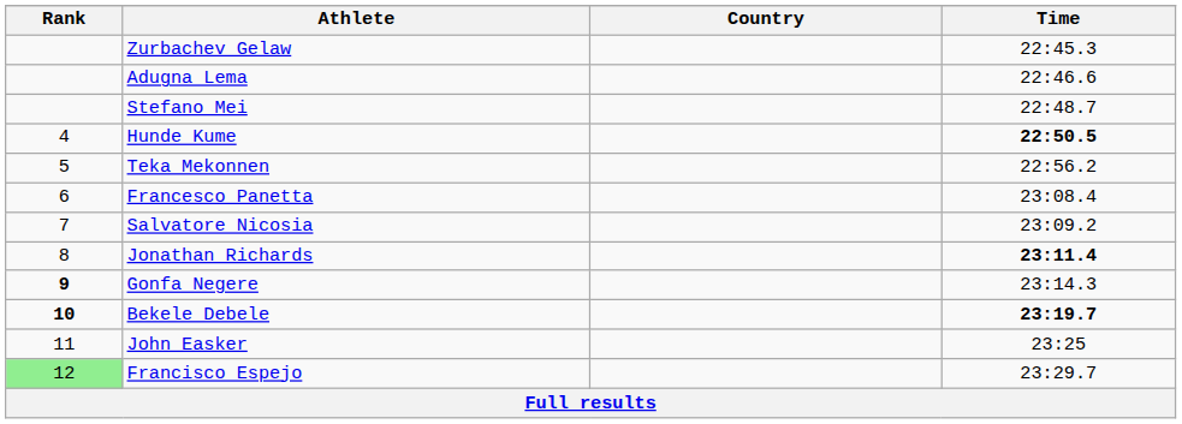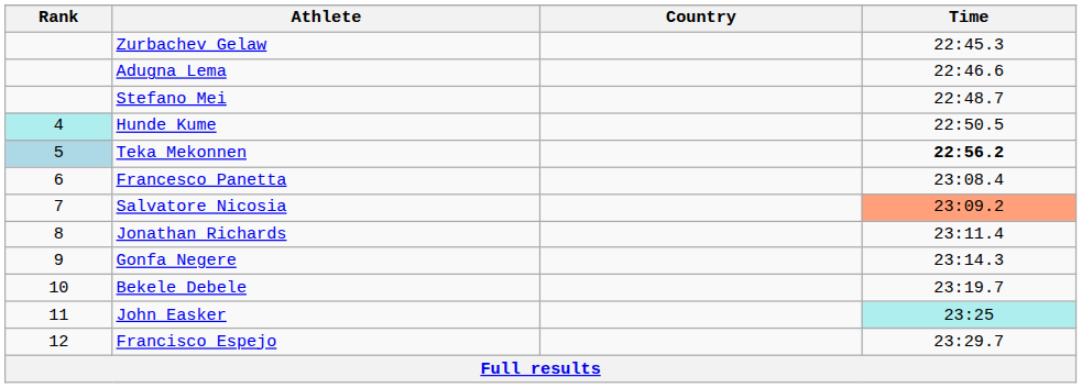 <table class="wikitable sortable" style=" text-align:center; font-size:95%;" width="50%">
 <tr>
 </tr>
 <tr>
 <th width=5%>Rank</th>
 <th width=20%>Athlete</th>
 <th width=15%>Country</th>
 <th width=10%>Time</th>
 </tr>
 <tr>
 <td align=center></td>
 <td align=left><a href='#'>Zurbachev Gelaw</a></td>
 <td align=left></td>
 <td>22:45.3</td>
 </tr>
 <tr>
 <td align=center></td>
 <td align=left><a href='#'>Adugna Lema</a></td>
 <td align=left></td>
 <td>22:46.6</td>
 </tr>
 <tr>
 <td align=center></td>
 <td align=left><a href='#'>Stefano Mei</a></td>
 <td align=left></td>
 <td>22:48.7</td>
 </tr>
 <tr>
-<td align=center>4</td>
+<td align=center style="background: paleturquoise;">4</td>
 <td align=left><a href='#'>Hunde Kume</a></td>
 <td align=left></td>
-<td><strong>22:50.5</strong></td>
+<td>22:50.5</td>
 </tr>
 <tr>
-<td align=center>5</td>
+<td align=center style="background: lightblue;">5</td>
 <td align=left><a href='#'>Teka Mekonnen</a></td>
 <td align=left></td>
-<td>22:56.2</td>
+<td><strong>22:56.2</strong></td>
 </tr>
 <tr>
 <td align=center>6</td>
 <td align=left><a href='#'>Francesco Panetta</a></td>
 <td align=left></td>
 <td>23:08.4</td>
 </tr>
 <tr>
 <td align=center>7</td>
 <td align=left><a href='#'>Salvatore Nicosia</a></td>
 <td align=left></td>
-<td>23:09.2</td>
+<td style="background: lightsalmon;">23:09.2</td>
 </tr>
 <tr>
 <td align=center>8</td>
 <td align=left><a href='#'>Jonathan Richards</a></td>
 <td align=left></td>
-<td><strong>23:11.4</strong></td>
+<td>23:11.4</td>
 </tr>
 <tr>
-<td align=center><strong>9</strong></td>
+<td align=center>9</td>
 <td align=left><a href='#'>Gonfa Negere</a></td>
 <td align=left></td>
 <td>23:14.3</td>
 </tr>
 <tr>
-<td align=center><strong>10</strong></td>
+<td align=center>10</td>
 <td align=left><a href='#'>Bekele Debele</a></td>
 <td align=left></td>
-<td><strong>23:19.7</strong></td>
+<td>23:19.7</td>
 </tr>
 <tr>
 <td align=center>11</td>
 <td align=left><a href='#'>John Easker</a></td>
 <td align=left></td>
-<td>23:25</td>
+<td style="background: paleturquoise;">23:25</td>
 </tr>
 <tr>
-<td align=center style="background: lightgreen;">12</td>
+<td align=center>12</td>
 <td align=left><a href='#'>Francisco Espejo</a></td>
 <td align=left></td>
 <td>23:29.7</td>
 </tr>
 <tr class="sortbottom">
 <th colspan=4 align=center><a href='#'>Full results</a></th>
 </tr>
 </table>
